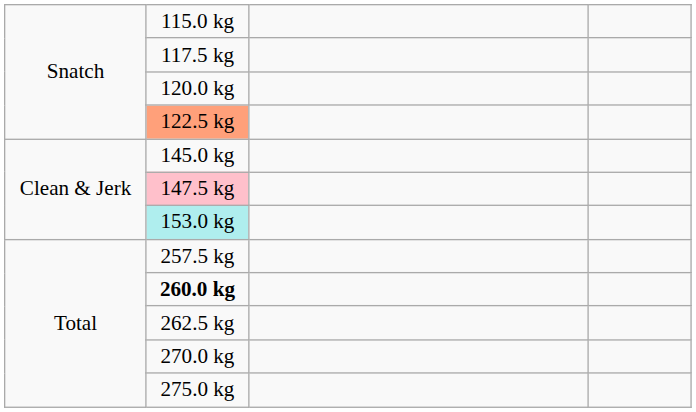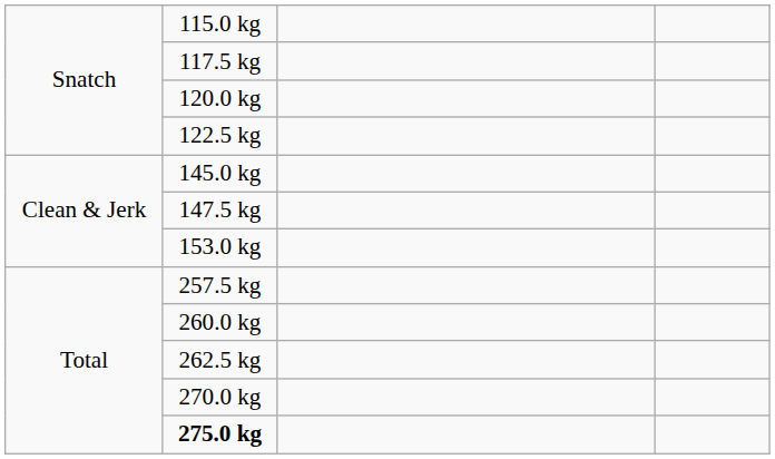 <table class = "wikitable" style="text-align:center;">
 <tr>
 <td width=100 rowspan=4>Snatch</td>
 <td width=70>115.0 kg</td>
 <td width=250 align=left></td>
 <td width=70></td>
 </tr>
 <tr>
 <td>117.5 kg</td>
 <td align=left></td>
 <td></td>
 </tr>
 <tr>
 <td>120.0 kg</td>
 <td align=left></td>
 <td></td>
 </tr>
 <tr>
-<td style="background: lightsalmon;">122.5 kg</td>
+<td>122.5 kg</td>
 <td align=left></td>
 <td></td>
 </tr>
 <tr>
 <td rowspan=3>Clean & Jerk</td>
 <td>145.0 kg</td>
 <td align=left></td>
 <td></td>
 </tr>
 <tr>
-<td style="background: pink;">147.5 kg</td>
+<td>147.5 kg</td>
 <td align=left></td>
 <td></td>
 </tr>
 <tr>
-<td style="background: paleturquoise;">153.0 kg</td>
+<td>153.0 kg</td>
 <td align=left></td>
 <td></td>
 </tr>
 <tr>
 <td rowspan=5>Total</td>
 <td>257.5 kg</td>
 <td align=left></td>
 <td></td>
 </tr>
 <tr>
-<td><strong>260.0 kg</strong></td>
+<td>260.0 kg</td>
 <td align=left></td>
 <td></td>
 </tr>
 <tr>
 <td>262.5 kg</td>
 <td align=left></td>
 <td></td>
 </tr>
 <tr>
 <td>270.0 kg</td>
 <td align=left></td>
 <td></td>
 </tr>
 <tr>
-<td>275.0 kg</td>
+<td><strong>275.0 kg</strong></td>
 <td align=left></td>
 <td></td>
 </tr>
 </table>
